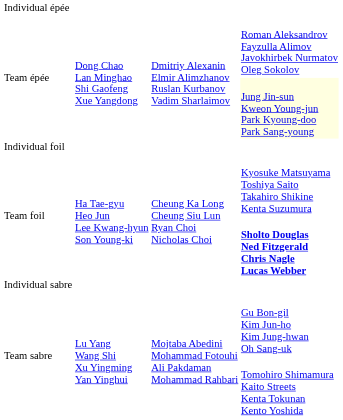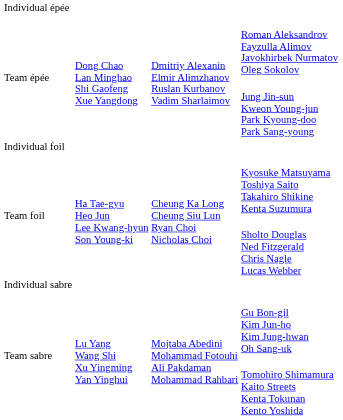 <table>
 <tr>
 <td rowspan=2>Individual épée</td>
 <td rowspan=2></td>
 <td rowspan=2></td>
 <td></td>
 </tr>
 <tr>
 <td></td>
 </tr>
 <tr>
 <td rowspan=2>Team épée</td>
 <td rowspan=2><br><a href='#'>Dong Chao</a><br><a href='#'>Lan Minghao</a><br><a href='#'>Shi Gaofeng</a><br><a href='#'>Xue Yangdong</a></td>
 <td rowspan=2><br><a href='#'>Dmitriy Alexanin</a><br><a href='#'>Elmir Alimzhanov</a><br><a href='#'>Ruslan Kurbanov</a><br><a href='#'>Vadim Sharlaimov</a></td>
 <td><br><a href='#'>Roman Aleksandrov</a><br><a href='#'>Fayzulla Alimov</a><br><a href='#'>Javokhirbek Nurmatov</a><br><a href='#'>Oleg Sokolov</a></td>
 </tr>
 <tr>
-<td style="background: lightyellow;"><br><a href='#'>Jung Jin-sun</a><br><a href='#'>Kweon Young-jun</a><br><a href='#'>Park Kyoung-doo</a><br><a href='#'>Park Sang-young</a></td>
+<td><br><a href='#'>Jung Jin-sun</a><br><a href='#'>Kweon Young-jun</a><br><a href='#'>Park Kyoung-doo</a><br><a href='#'>Park Sang-young</a></td>
 </tr>
 <tr>
 <td rowspan=2>Individual foil</td>
 <td rowspan=2></td>
 <td rowspan=2></td>
 <td></td>
 </tr>
 <tr>
 <td></td>
 </tr>
 <tr>
 <td rowspan=2>Team foil</td>
 <td rowspan=2><br><a href='#'>Ha Tae-gyu</a><br><a href='#'>Heo Jun</a><br><a href='#'>Lee Kwang-hyun</a><br><a href='#'>Son Young-ki</a></td>
 <td rowspan=2><br><a href='#'>Cheung Ka Long</a><br><a href='#'>Cheung Siu Lun</a><br><a href='#'>Ryan Choi</a><br><a href='#'>Nicholas Choi</a></td>
 <td><br><a href='#'>Kyosuke Matsuyama</a><br><a href='#'>Toshiya Saito</a><br><a href='#'>Takahiro Shikine</a><br><a href='#'>Kenta Suzumura</a></td>
 </tr>
 <tr>
-<td><strong><br><a href='#'>Sholto Douglas</a><br><a href='#'>Ned Fitzgerald</a><br><a href='#'>Chris Nagle</a><br><a href='#'>Lucas Webber</a></strong></td>
+<td><br><a href='#'>Sholto Douglas</a><br><a href='#'>Ned Fitzgerald</a><br><a href='#'>Chris Nagle</a><br><a href='#'>Lucas Webber</a></td>
 </tr>
 <tr>
 <td rowspan=2>Individual sabre</td>
 <td rowspan=2></td>
 <td rowspan=2></td>
 <td></td>
 </tr>
 <tr>
 <td></td>
 </tr>
 <tr>
 </tr>
 <tr>
 <td rowspan=2>Team sabre</td>
 <td rowspan=2><br><a href='#'>Lu Yang</a><br><a href='#'>Wang Shi</a><br><a href='#'>Xu Yingming</a><br><a href='#'>Yan Yinghui</a></td>
 <td rowspan=2><br><a href='#'>Mojtaba Abedini</a><br><a href='#'>Mohammad Fotouhi</a><br><a href='#'>Ali Pakdaman</a><br><a href='#'>Mohammad Rahbari</a></td>
 <td><br><a href='#'>Gu Bon-gil</a><br><a href='#'>Kim Jun-ho</a><br><a href='#'>Kim Jung-hwan</a><br><a href='#'>Oh Sang-uk</a></td>
 </tr>
 <tr>
 <td><br><a href='#'>Tomohiro Shimamura</a><br><a href='#'>Kaito Streets</a><br><a href='#'>Kenta Tokunan</a><br><a href='#'>Kento Yoshida</a></td>
 </tr>
 </table>
